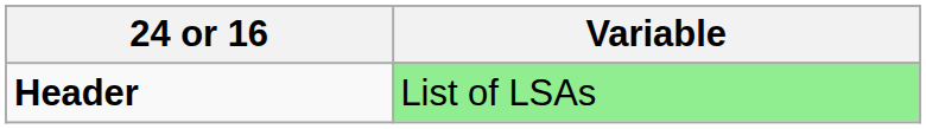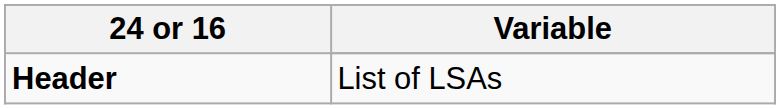 <table class="wikitable  floatright mw-collapsible mw-collapsed" style="width: 400px;">
 <tr>
 <th>24 or 16</th>
 <th>Variable</th>
 </tr>
 <tr>
 <td rowspan="2" colspan="1"><strong>Header</strong></td>
 </tr>
 <tr>
-<td style="background: lightgreen;">List of LSAs</td>
+<td>List of LSAs</td>
 </tr>
 </table>
